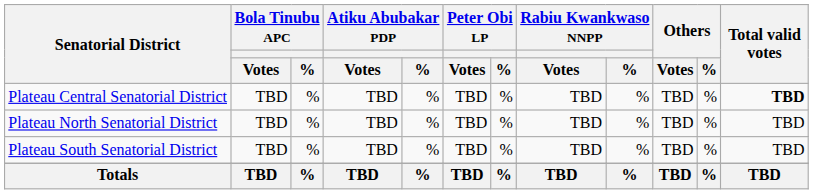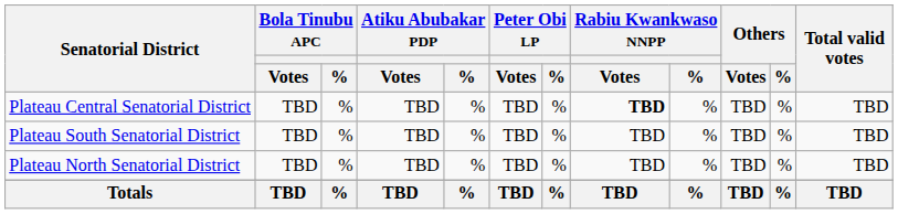 <table class="wikitable sortable" style="text-align:right; font-size:90%">
 <tr>
 <th rowspan="3" style="max-width:7.5em;">Senatorial District</th>
 <th colspan="2"><a href='#'>Bola Tinubu</a><br><small>APC</small></th>
 <th colspan="2"><a href='#'>Atiku Abubakar</a><br><small>PDP</small></th>
 <th colspan="2"><a href='#'>Peter Obi</a><br><small>LP</small></th>
 <th colspan="2"><a href='#'>Rabiu Kwankwaso</a><br><small>NNPP</small></th>
 <th colspan="2" rowspan="2">Others</th>
 <th rowspan="3" style="max-width:5em;">Total valid votes</th>
 </tr>
 <tr>
 <th colspan=2 style="background-color:"></th>
 <th colspan=2 style="background-color:"></th>
 <th colspan=2 style="background-color:"></th>
 <th colspan=2 style="background-color:"></th>
 </tr>
 <tr>
 <th>Votes</th>
 <th>%</th>
 <th>Votes</th>
 <th>%</th>
 <th>Votes</th>
 <th>%</th>
 <th>Votes</th>
 <th>%</th>
 <th>Votes</th>
 <th>%</th>
 </tr>
 <tr style="background-color:#">
 <td style="text-align:left;"><a href='#'>Plateau Central Senatorial District</a></td>
 <td>TBD</td>
 <td>%</td>
 <td>TBD</td>
 <td>%</td>
 <td>TBD</td>
 <td>%</td>
+<td><strong>TBD</strong></td>
+<td>%</td>
 <td>TBD</td>
 <td>%</td>
 <td>TBD</td>
-<td>%</td>
-<td><strong>TBD</strong></td>
 </tr>
 <tr style="background-color:#">
-<td style="text-align:left;"><a href='#'>Plateau North Senatorial District</a></td>
+<td style="text-align:left;"><a href='#'>Plateau South Senatorial District</a></td>
 <td>TBD</td>
 <td>%</td>
 <td>TBD</td>
 <td>%</td>
 <td>TBD</td>
 <td>%</td>
 <td>TBD</td>
 <td>%</td>
 <td>TBD</td>
 <td>%</td>
 <td>TBD</td>
 </tr>
 <tr style="background-color:#">
-<td style="text-align:left;"><a href='#'>Plateau South Senatorial District</a></td>
+<td style="text-align:left;"><a href='#'>Plateau North Senatorial District</a></td>
 <td>TBD</td>
 <td>%</td>
 <td>TBD</td>
 <td>%</td>
 <td>TBD</td>
 <td>%</td>
 <td>TBD</td>
 <td>%</td>
 <td>TBD</td>
 <td>%</td>
 <td>TBD</td>
 </tr>
 <tr>
 </tr>
 <tr>
 <th>Totals</th>
 <th>TBD</th>
 <th>%</th>
 <th>TBD</th>
 <th>%</th>
 <th>TBD</th>
 <th>%</th>
 <th>TBD</th>
 <th>%</th>
 <th>TBD</th>
 <th>%</th>
 <th>TBD</th>
 </tr>
 </table>
